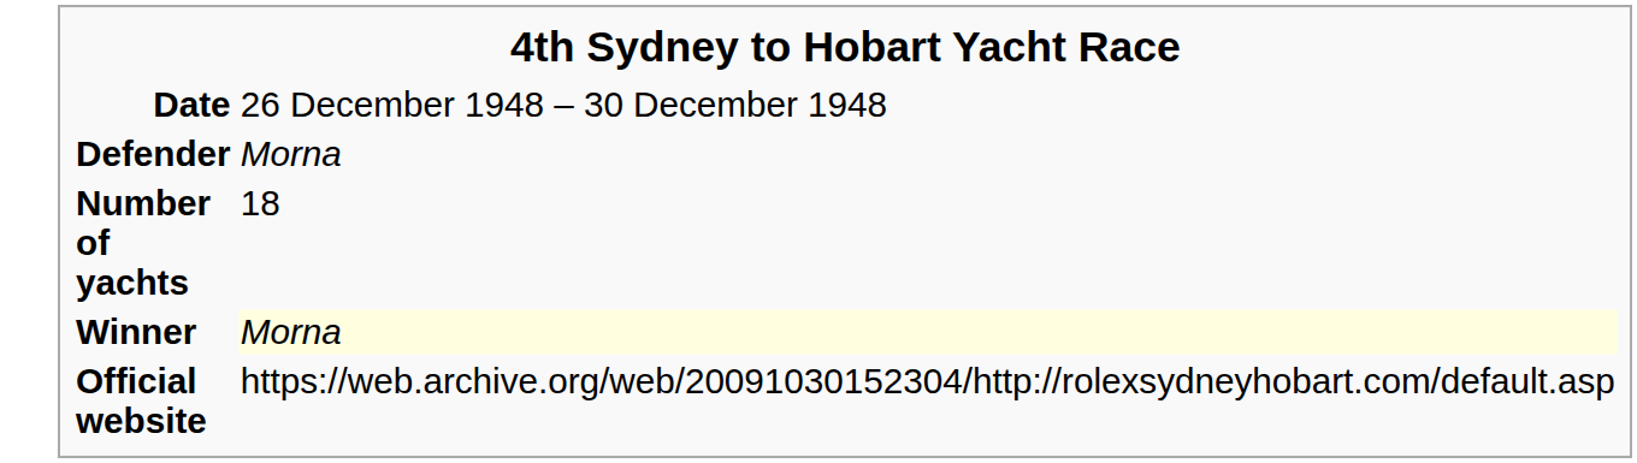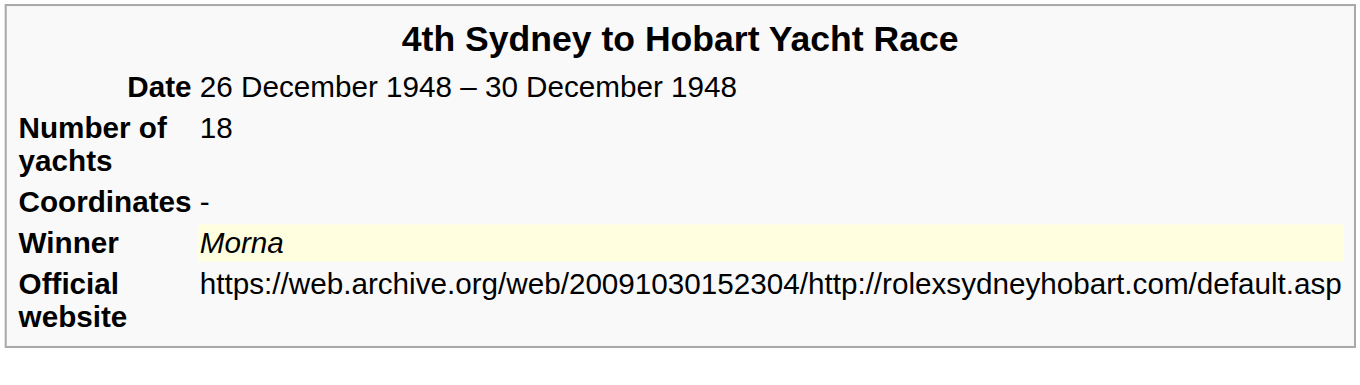 <table class="infobox" style="width: 23em; font-size: 90%">
 <tr>
 <th colspan="2" style="text-align: center; font-size: larger;"><strong>4th Sydney to Hobart Yacht Race</strong></th>
 </tr>
 <tr>
 <td style="text-align: right;"><strong>Date</strong></td>
 <td>26 December 1948 – 30 December 1948</td>
 </tr>
 <tr>
-<td style="text-align: right;"><strong>Defender</strong></td>
-<td><em>Morna</em></td>
+<td><strong>Number of yachts</strong></td>
+<td>18</td>
 </tr>
 <tr>
-<td><strong>Number of yachts</strong></td>
-<td>18</td>
+<td><strong>Coordinates</strong></td>
+<td>-<br></td>
 </tr>
 <tr>
 <td><strong>Winner</strong></td>
 <td style="background: lightyellow;"><em>Morna</em></td>
 </tr>
 <tr>
 <td><strong>Official website</strong></td>
 <td>https://web.archive.org/web/20091030152304/http://rolexsydneyhobart.com/default.asp</td>
 </tr>
 </table>
